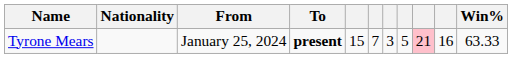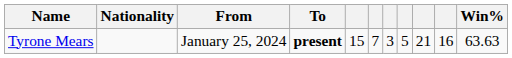 <table class="wikitable" style="text-align: center;">
 <tr>
 <th>Name</th>
 <th>Nationality</th>
 <th>From</th>
 <th>To</th>
 <th></th>
 <th></th>
 <th></th>
 <th></th>
 <th></th>
 <th></th>
 <th>Win%</th>
 </tr>
 <tr>
 <td {{sortname><a href='#'>Tyrone Mears</a></td>
 <td></td>
 <td style="text-align:center;">January 25, 2024</td>
 <td style="text-align:center;"><strong>present</strong></td>
 <td>15</td>
 <td>7</td>
 <td>3</td>
 <td>5</td>
-<td style="background: pink;">21</td>
+<td>21</td>
 <td>16</td>
-<td>63.33</td>
+<td>63.63</td>
 </tr>
 </table>
